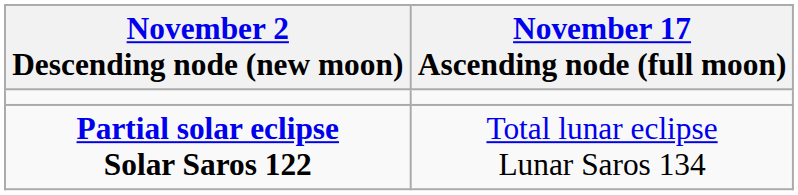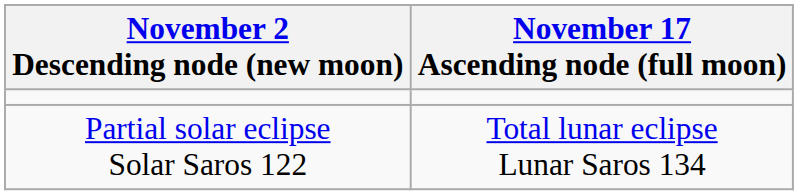 <table class="wikitable">
 <tr>
 <th><a href='#'>November 2</a><br>Descending node (new moon)</th>
 <th><a href='#'>November 17</a><br>Ascending node (full moon)</th>
 </tr>
 <tr>
 <td></td>
 <td></td>
 </tr>
 <tr align=center>
-<td><strong><a href='#'>Partial solar eclipse</a><br>Solar Saros 122</strong></td>
+<td><a href='#'>Partial solar eclipse</a><br>Solar Saros 122</td>
 <td><a href='#'>Total lunar eclipse</a><br>Lunar Saros 134</td>
 </tr>
 </table>
